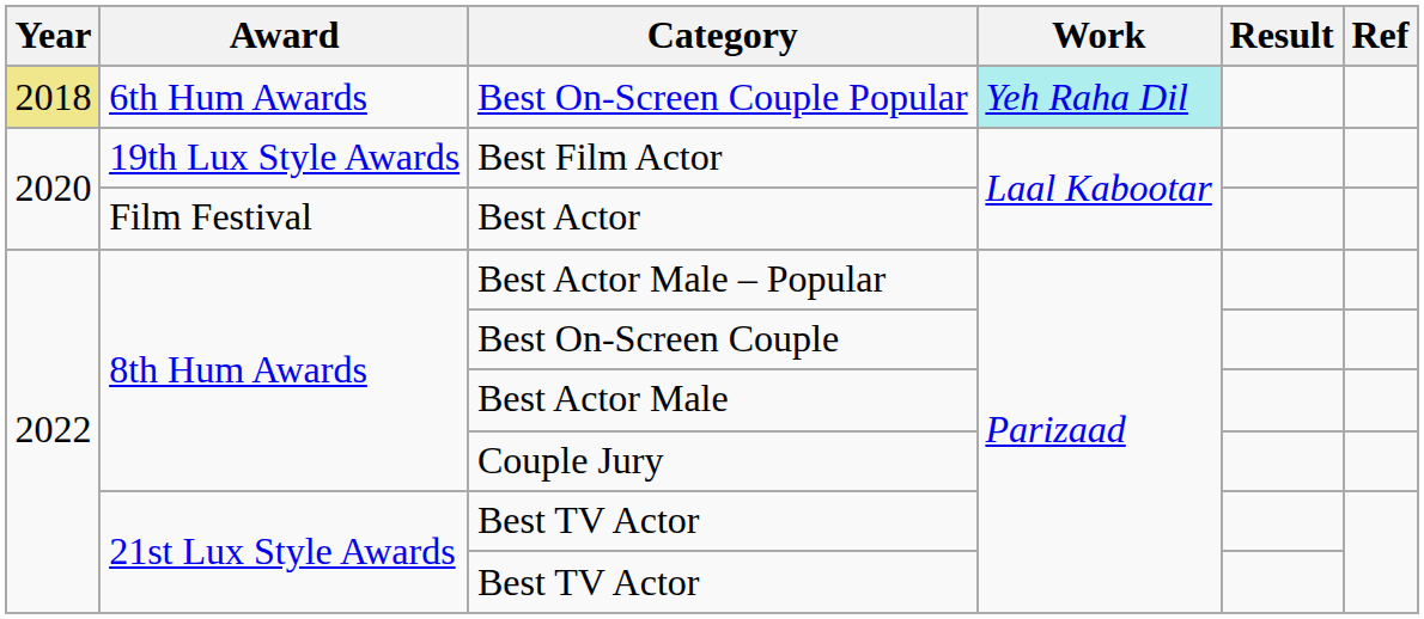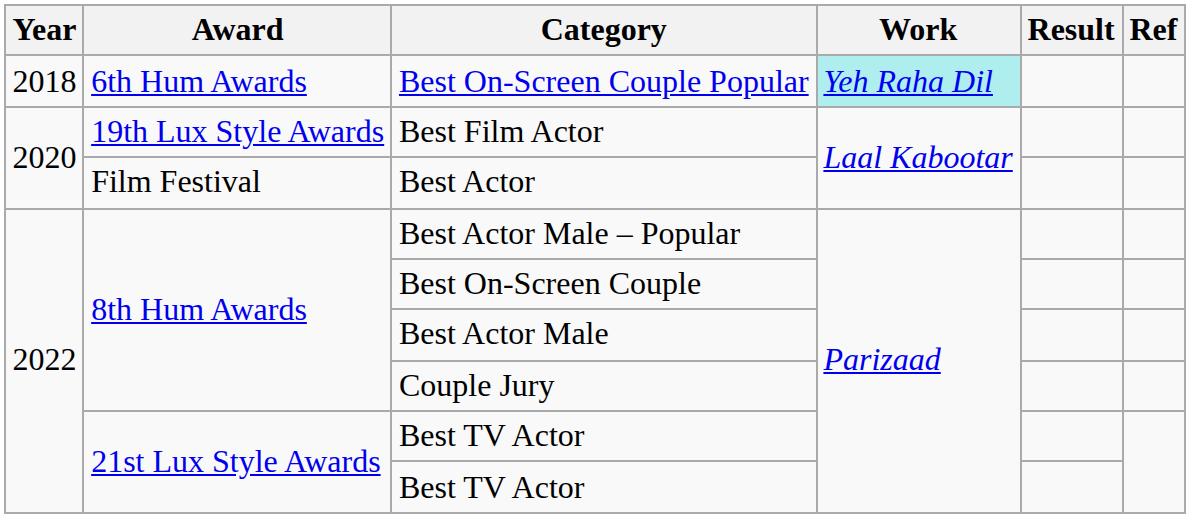 <table class="wikitable style">
 <tr>
 <th>Year</th>
 <th>Award</th>
 <th>Category</th>
 <th>Work</th>
 <th>Result</th>
 <th>Ref</th>
 </tr>
 <tr>
-<td style="background: khaki;">2018</td>
+<td>2018</td>
 <td><a href='#'>6th Hum Awards</a></td>
 <td><a href='#'>Best On-Screen Couple Popular</a> </td>
 <td style="background: paleturquoise;"><em><a href='#'>Yeh Raha Dil</a></em></td>
 <td></td>
 <td></td>
 </tr>
 <tr>
 <td rowspan="2">2020</td>
 <td><a href='#'>19th Lux Style Awards</a></td>
 <td>Best Film Actor </td>
 <td rowspan="2"><em><a href='#'>Laal Kabootar</a></em></td>
 <td></td>
 <td></td>
 </tr>
 <tr>
 <td> Film Festival</td>
 <td>Best Actor</td>
 <td></td>
 <td></td>
 </tr>
 <tr>
 <td rowspan="6">2022</td>
 <td rowspan="4"><a href='#'>8th Hum Awards</a></td>
 <td>Best Actor Male – Popular</td>
 <td rowspan="6"><em><a href='#'>Parizaad</a></em></td>
 <td></td>
 <td></td>
 </tr>
 <tr>
 <td>Best On-Screen Couple </td>
 <td></td>
 <td></td>
 </tr>
 <tr>
 <td>Best Actor Male </td>
 <td></td>
 <td></td>
 </tr>
 <tr>
 <td> Couple Jury </td>
 <td></td>
 <td></td>
 </tr>
 <tr>
 <td rowspan="2"><a href='#'>21st Lux Style Awards</a></td>
 <td>Best TV Actor </td>
 <td></td>
 <td rowspan="2"></td>
 </tr>
 <tr>
 <td>Best TV Actor </td>
 <td></td>
 </tr>
 </table>
